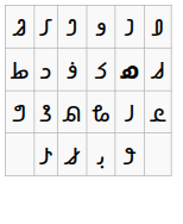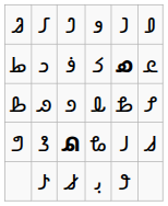 <table class="wikitable">
 <tr align="center" style="font-size:200%;font-family:'Noto Sans Hanifi Rohingya';" |>
 <td>𐴅</td>
 <td>𐴄</td>
 <td>𐴃</td>
 <td>𐴂</td>
 <td>𐴁</td>
 <td>𐴀</td>
 </tr>
 <tr align="center" style="font-size:200%;font-family:'Noto Sans Hanifi Rohingya';" |>
 <td>𐴋</td>
 <td>𐴊</td>
 <td>𐴉</td>
 <td>𐴈</td>
 <td><strong>𐴇</strong></td>
-<td>𐴆</td>
+<td>𐴒</td>
+</tr>
+<tr align="center" style="font-size:200%;font-family:'Noto Sans Hanifi Rohingya';" |>
+<td>𐴑</td>
+<td>𐴐</td>
+<td>𐴏</td>
+<td>𐴎</td>
+<td>𐴍</td>
+<td>𐴌</td>
 </tr>
 <tr align="center" style="font-size:200%;font-family:'Noto Sans Hanifi Rohingya';" |>
 <td>𐴗</td>
 <td>𐴖</td>
-<td>𐴕</td>
+<td><strong>𐴕</strong></td>
 <td>𐴔</td>
 <td>𐴓</td>
-<td>𐴒</td>
+<td>𐴆</td>
 </tr>
 <tr align="center" style="font-size:200%;font-family:'Noto Sans Hanifi Rohingya';" |>
 <td></td>
 <td>𐴛</td>
 <td>𐴚</td>
 <td>𐴙</td>
 <td>𐴘</td>
 <td></td>
 </tr>
 </table>
